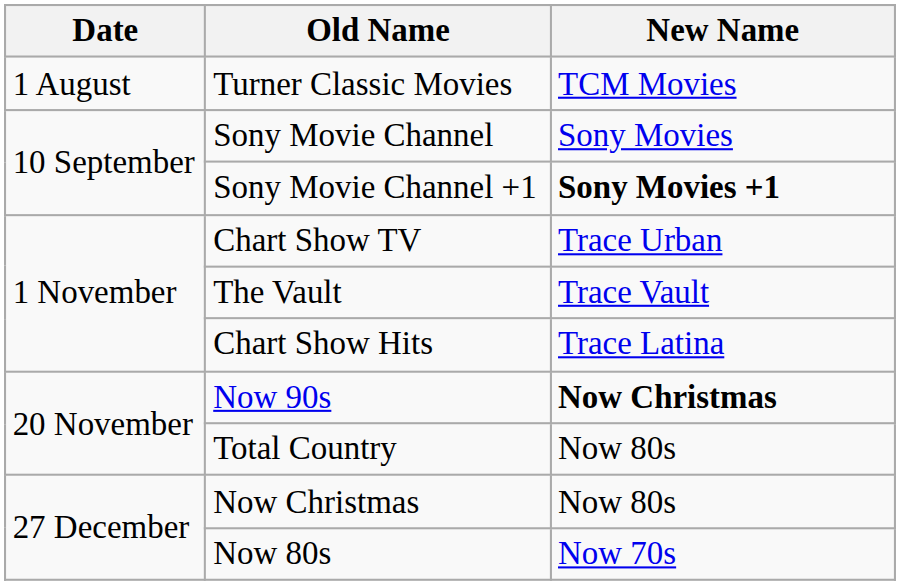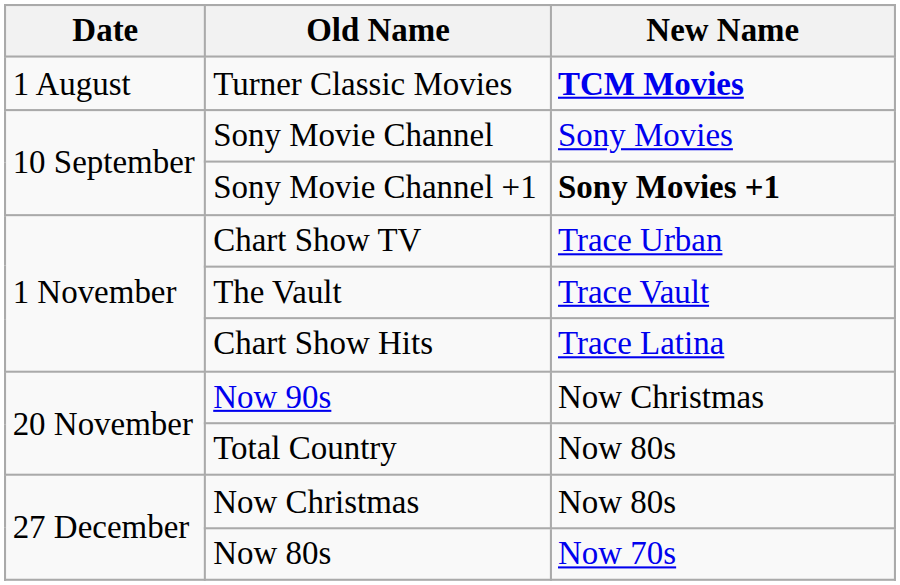 <table class="wikitable">
 <tr>
 <th width=90>Date</th>
 <th width=160>Old Name</th>
 <th width=160>New Name</th>
 </tr>
 <tr>
 <td>1 August</td>
 <td>Turner Classic Movies</td>
-<td><a href='#'>TCM Movies</a></td>
+<td><strong><a href='#'>TCM Movies</a></strong></td>
 </tr>
 <tr>
 <td rowspan="2">10 September</td>
 <td>Sony Movie Channel</td>
 <td><a href='#'>Sony Movies</a></td>
 </tr>
 <tr>
 <td>Sony Movie Channel +1</td>
 <td><strong>Sony Movies +1</strong></td>
 </tr>
 <tr>
 <td rowspan="3">1 November</td>
 <td>Chart Show TV</td>
 <td><a href='#'>Trace Urban</a></td>
 </tr>
 <tr>
 <td>The Vault</td>
 <td><a href='#'>Trace Vault</a></td>
 </tr>
 <tr>
 <td>Chart Show Hits</td>
 <td><a href='#'>Trace Latina</a></td>
 </tr>
 <tr>
 <td rowspan="2">20 November</td>
 <td><a href='#'>Now 90s</a></td>
-<td><strong>Now Christmas</strong></td>
+<td>Now Christmas</td>
 </tr>
 <tr>
 <td>Total Country</td>
 <td>Now 80s</td>
 </tr>
 <tr>
 <td rowspan="2">27 December</td>
 <td>Now Christmas</td>
 <td>Now 80s</td>
 </tr>
 <tr>
 <td>Now 80s</td>
 <td><a href='#'>Now 70s</a></td>
 </tr>
 </table>
